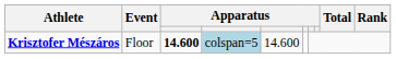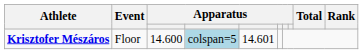 <table class="wikitable" style="font-size:90%">
 <tr>
 <th rowspan=2>Athlete</th>
 <th rowspan=2>Event</th>
 <th colspan=6>Apparatus</th>
 <th rowspan=2>Total</th>
 <th rowspan=2>Rank</th>
 </tr>
 <tr style="font-size:95%">
 <th></th>
 <th></th>
 <th></th>
 <th></th>
 <th></th>
 <th></th>
 </tr>
 <tr align=center>
 <td align=left><strong><a href='#'>Krisztofer Mészáros</a></strong></td>
 <td align=left>Floor</td>
-<td><strong>14.600</strong></td>
+<td>14.600</td>
 <td style="background: lightblue;">colspan=5</td>
-<td>14.600</td>
+<td>14.601</td>
 <td></td>
 </tr>
 </table>
